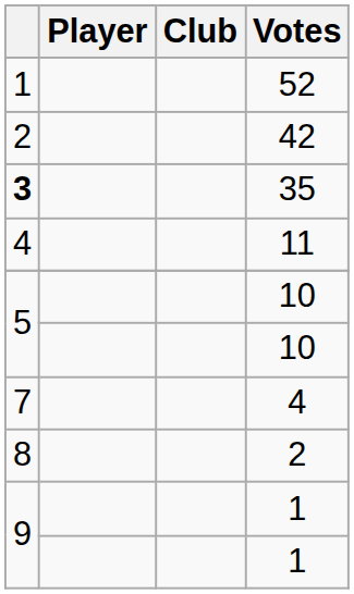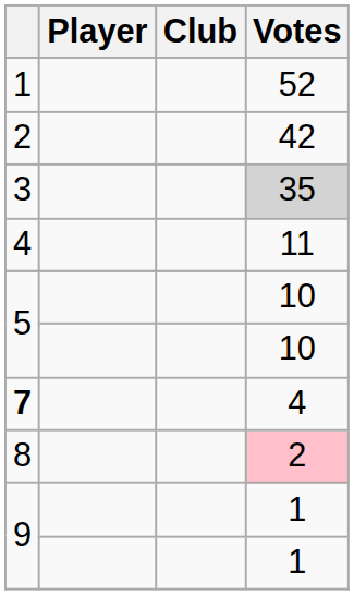 <table class="wikitable sortable" style="text-align:center">
 <tr>
 <th></th>
 <th>Player</th>
 <th>Club</th>
 <th>Votes</th>
 </tr>
 <tr>
 <td>1</td>
 <td></td>
 <td></td>
 <td>52</td>
 </tr>
 <tr>
 <td>2</td>
 <td></td>
 <td></td>
 <td>42</td>
 </tr>
 <tr>
-<td><strong>3</strong></td>
+<td>3</td>
 <td></td>
 <td></td>
-<td>35</td>
+<td style="background: lightgrey;">35</td>
 </tr>
 <tr>
 <td>4</td>
 <td></td>
 <td></td>
 <td>11</td>
 </tr>
 <tr>
 </tr>
 <tr>
 <td rowspan="2">5</td>
 <td></td>
 <td></td>
 <td>10</td>
 </tr>
 <tr>
 <td></td>
 <td></td>
 <td>10</td>
 </tr>
 <tr>
-<td>7</td>
+<td><strong>7</strong></td>
 <td></td>
 <td></td>
 <td>4</td>
 </tr>
 <tr>
 <td>8</td>
 <td></td>
 <td></td>
-<td>2</td>
+<td style="background: pink;">2</td>
 </tr>
 <tr>
 <td rowspan="2">9</td>
 <td></td>
 <td></td>
 <td>1</td>
 </tr>
 <tr>
 <td></td>
 <td></td>
 <td>1</td>
 </tr>
 </table>
